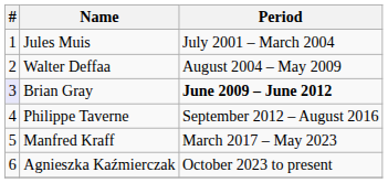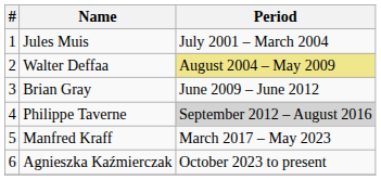 <table class="wikitable">
 <tr>
 <th>#</th>
 <th>Name</th>
 <th>Period</th>
 </tr>
 <tr>
 <td>1</td>
 <td>Jules Muis</td>
 <td>July 2001 – March 2004</td>
 </tr>
 <tr>
 <td>2</td>
 <td>Walter Deffaa</td>
-<td>August 2004 – May 2009</td>
+<td style="background: khaki;">August 2004 – May 2009</td>
 </tr>
 <tr>
-<td style="background: lavender;">3</td>
+<td>3</td>
 <td>Brian Gray</td>
-<td><strong>June 2009 – June 2012</strong></td>
+<td>June 2009 – June 2012</td>
 </tr>
 <tr>
 <td>4</td>
 <td>Philippe Taverne</td>
-<td>September 2012 – August 2016</td>
+<td style="background: lightgrey;">September 2012 – August 2016</td>
 </tr>
 <tr>
 <td>5</td>
 <td>Manfred Kraff</td>
 <td>March 2017 – May 2023</td>
 </tr>
 <tr>
 <td>6</td>
 <td>Agnieszka Kaźmierczak</td>
 <td>October 2023 to present</td>
 </tr>
 <tr>
 </tr>
 </table>
